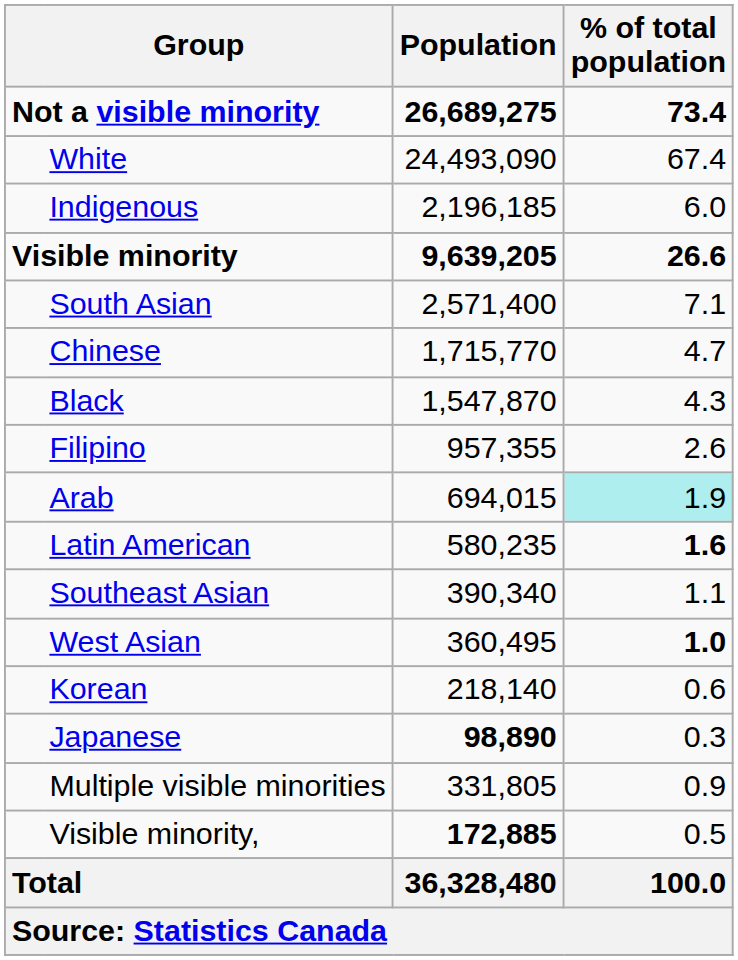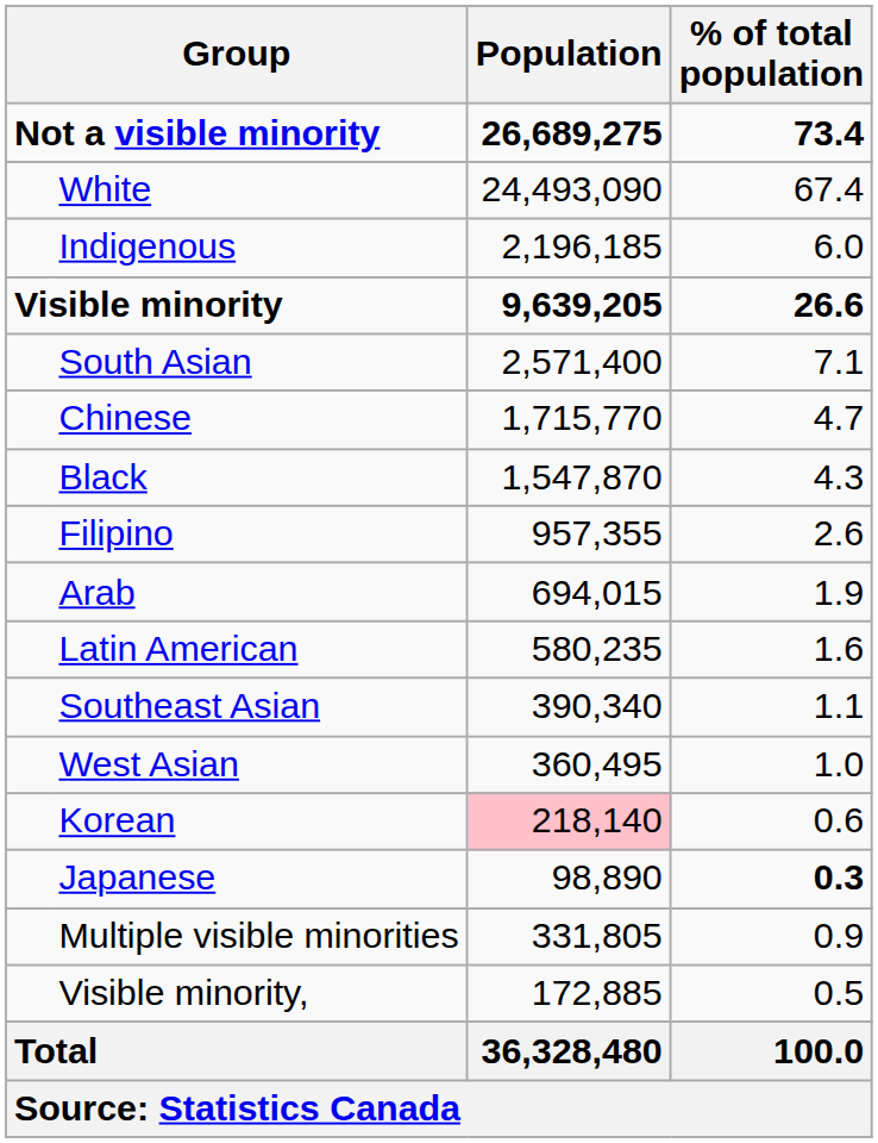 <table class="wikitable sortable mw-datatable" style="text-align: right;">
 <tr>
 <th colspan="2">Group</th>
 <th>Population</th>
 <th>% of total <br>population</th>
 </tr>
 <tr>
 <td colspan="2" style="text-align: left;"><strong>Not a <a href='#'>visible minority</a></strong></td>
 <td><strong>26,689,275</strong></td>
 <td><strong>73.4</strong></td>
 </tr>
 <tr>
 <td>   </td>
 <td style="border-left-style:hidden; text-align: left;"><a href='#'>White</a></td>
 <td>24,493,090</td>
 <td>67.4</td>
 </tr>
 <tr>
 <td></td>
 <td style="border-left-style:hidden; text-align: left;"><a href='#'>Indigenous</a></td>
 <td>2,196,185</td>
 <td>6.0</td>
 </tr>
 <tr>
 <td colspan="2" style="text-align: left;"><strong>Visible minority</strong></td>
 <td><strong>9,639,205</strong></td>
 <td><strong>26.6</strong></td>
 </tr>
 <tr>
 <td>   </td>
 <td style="border-left-style:hidden; text-align: left;"><a href='#'>South Asian</a></td>
 <td>2,571,400</td>
 <td>7.1</td>
 </tr>
 <tr>
 <td></td>
 <td style="border-left-style:hidden; text-align: left;"><a href='#'>Chinese</a></td>
 <td>1,715,770</td>
 <td>4.7</td>
 </tr>
 <tr>
 <td></td>
 <td style="border-left-style:hidden; text-align: left;"><a href='#'>Black</a></td>
 <td>1,547,870</td>
 <td>4.3</td>
 </tr>
 <tr>
 <td></td>
 <td style="border-left-style:hidden; text-align: left;"><a href='#'>Filipino</a></td>
 <td>957,355</td>
 <td>2.6</td>
 </tr>
 <tr>
 <td></td>
 <td style="border-left-style:hidden; text-align: left;"><a href='#'>Arab</a></td>
 <td>694,015</td>
-<td style="background: paleturquoise;">1.9</td>
+<td>1.9</td>
 </tr>
 <tr>
 <td></td>
 <td style="border-left-style:hidden; text-align: left;"><a href='#'>Latin American</a></td>
 <td>580,235</td>
-<td><strong>1.6</strong></td>
+<td>1.6</td>
 </tr>
 <tr>
 <td></td>
 <td style="border-left-style:hidden; text-align: left;"><a href='#'>Southeast Asian</a></td>
 <td>390,340</td>
 <td>1.1</td>
 </tr>
 <tr>
 <td></td>
 <td style="border-left-style:hidden; text-align: left;"><a href='#'>West Asian</a></td>
 <td>360,495</td>
-<td><strong>1.0</strong></td>
+<td>1.0</td>
 </tr>
 <tr>
 <td></td>
 <td style="border-left-style:hidden; text-align: left;"><a href='#'>Korean</a></td>
-<td>218,140</td>
+<td style="background: pink;">218,140</td>
 <td>0.6</td>
 </tr>
 <tr>
 <td></td>
 <td style="border-left-style:hidden; text-align: left;"><a href='#'>Japanese</a></td>
-<td><strong>98,890</strong></td>
-<td>0.3</td>
+<td>98,890</td>
+<td><strong>0.3</strong></td>
 </tr>
 <tr>
 <td></td>
 <td style="border-left-style:hidden; text-align: left;">Multiple visible minorities</td>
 <td>331,805</td>
 <td>0.9</td>
 </tr>
 <tr>
 <td></td>
 <td style="border-left-style:hidden; text-align: left;">Visible minority, </td>
-<td><strong>172,885</strong></td>
+<td>172,885</td>
 <td>0.5</td>
 </tr>
 <tr>
 <th style="text-align: left;" colspan="2">Total</th>
 <th style="text-align: right;">36,328,480</th>
 <th style="text-align: right;">100.0</th>
 </tr>
 <tr>
 <th style="text-align: left;" colspan="4">Source: <a href='#'>Statistics Canada</a></th>
 </tr>
 </table>
